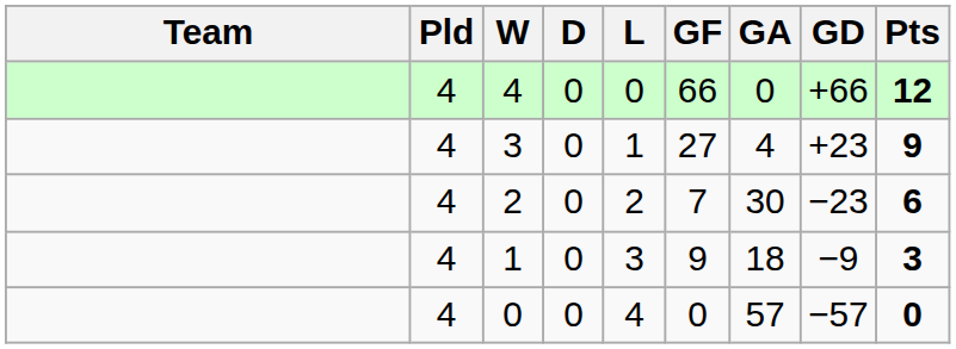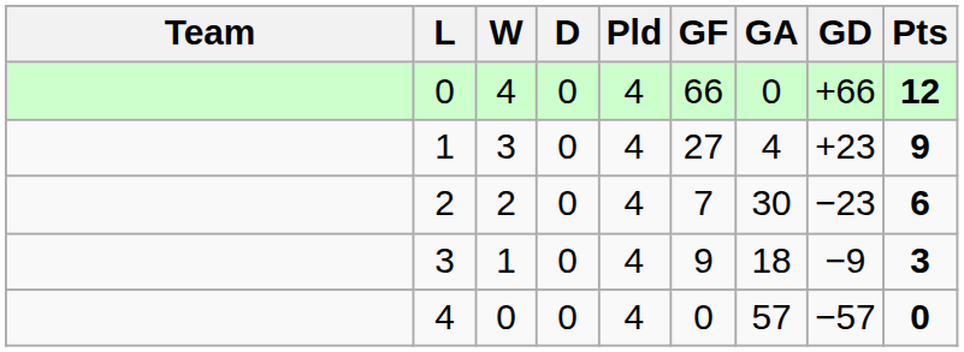 <table class="wikitable" style="text-align:center">
 <tr>
 <th style="width:175px;">Team</th>
-<th style="width:20px;" abbr="Played">Pld</th>
+<th style="width:20px;" abbr="Lost">L</th>
 <th style="width:20px;" abbr="Won">W</th>
 <th style="width:20px;" abbr="Drawn">D</th>
-<th style="width:20px;" abbr="Lost">L</th>
+<th style="width:20px;" abbr="Played">Pld</th>
 <th style="width:20px;" abbr="Goals for">GF</th>
 <th style="width:20px;" abbr="Goals against">GA</th>
 <th style="width:20px;" abbr="Goal difference">GD</th>
 <th style="width:20px;" abbr="Points">Pts</th>
 </tr>
 <tr style="background:#ccffcc;">
 <td align=left></td>
-<td>4</td>
+<td>0</td>
 <td>4</td>
 <td>0</td>
-<td>0</td>
+<td>4</td>
 <td>66</td>
 <td>0</td>
 <td>+66</td>
 <td><strong>12</strong></td>
 </tr>
 <tr>
 <td align="left"></td>
-<td>4</td>
+<td>1</td>
 <td>3</td>
 <td>0</td>
-<td>1</td>
+<td>4</td>
 <td>27</td>
 <td>4</td>
 <td>+23</td>
 <td><strong>9</strong></td>
 </tr>
 <tr>
 <td align="left"></td>
-<td>4</td>
+<td>2</td>
 <td>2</td>
 <td>0</td>
-<td>2</td>
+<td>4</td>
 <td>7</td>
 <td>30</td>
 <td>−23</td>
 <td><strong>6</strong></td>
 </tr>
 <tr>
 <td align="left"></td>
-<td>4</td>
+<td>3</td>
 <td>1</td>
 <td>0</td>
-<td>3</td>
+<td>4</td>
 <td>9</td>
 <td>18</td>
 <td>−9</td>
 <td><strong>3</strong></td>
 </tr>
 <tr>
 <td align="left"></td>
 <td>4</td>
 <td>0</td>
 <td>0</td>
 <td>4</td>
 <td>0</td>
 <td>57</td>
 <td>−57</td>
 <td><strong>0</strong></td>
 </tr>
 </table>
